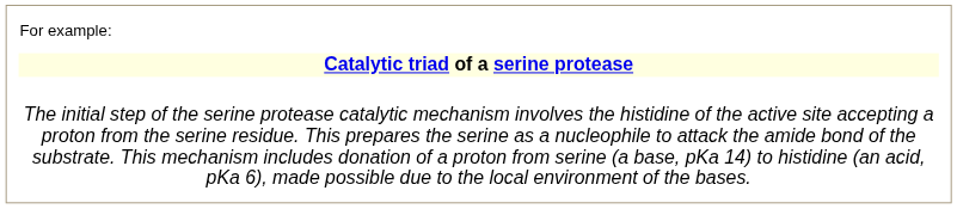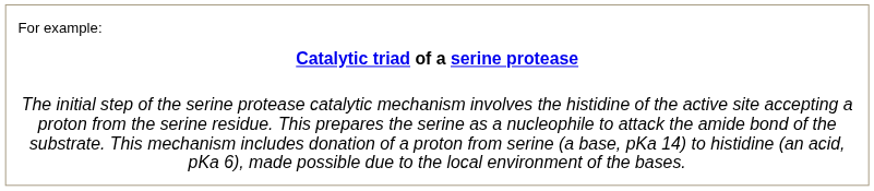 <table width=800px align="center" border="0" cellspacing="10" style="border: 1px solid #a79c83">
 <tr>
 <td><small>For example:</small></td>
 </tr>
 <tr>
-<td align="center" style="background: lightyellow;"><strong><a href='#'>Catalytic triad</a> of a <a href='#'>serine protease</a></strong></td>
+<td align="center"><strong><a href='#'>Catalytic triad</a> of a <a href='#'>serine protease</a></strong></td>
 </tr>
 <tr>
 <td align="center"></td>
 </tr>
 <tr>
 <td align="center"><em>The initial step of the serine protease catalytic mechanism involves the histidine of the active site accepting a proton from the serine residue. This prepares the serine as a nucleophile to attack the amide bond of the substrate. This mechanism includes donation of a proton from serine (a base, pKa 14) to histidine (an acid, pKa 6), made possible due to the local environment of the bases.</em></td>
 </tr>
 </table>
